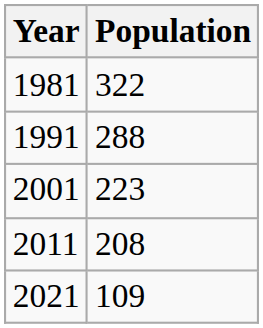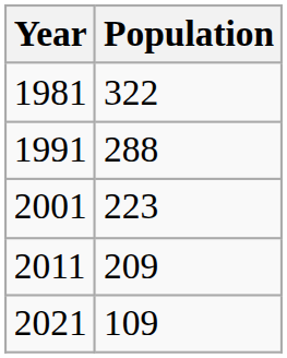 <table class=wikitable>
 <tr>
 <th>Year</th>
 <th>Population</th>
 </tr>
 <tr>
 <td>1981</td>
 <td>322</td>
 </tr>
 <tr>
 <td>1991</td>
 <td>288</td>
 </tr>
 <tr>
 <td>2001</td>
 <td>223</td>
 </tr>
 <tr>
 <td>2011</td>
-<td>208</td>
+<td>209</td>
 </tr>
 <tr>
 <td>2021</td>
 <td>109</td>
 </tr>
 </table>
